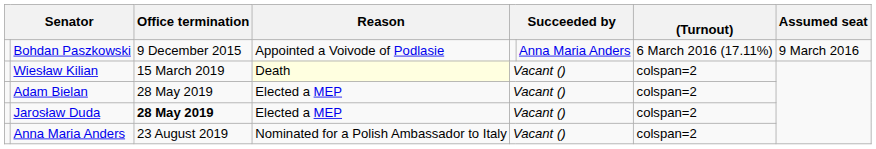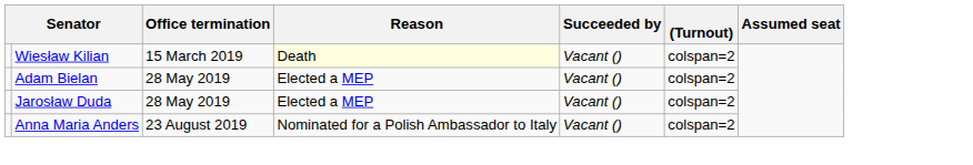 <table class="wikitable">
 <tr>
 <th colspan="2">Senator</th>
 <th>Office termination</th>
 <th>Reason</th>
 <th colspan="2">Succeeded by</th>
 <th><br>(Turnout)</th>
 <th>Assumed seat</th>
-</tr>
-<tr>
-<td></td>
-<td><a href='#'>Bohdan Paszkowski</a></td>
-<td>9 December 2015</td>
-<td>Appointed a Voivode of <a href='#'>Podlasie</a></td>
-<td></td>
-<td><a href='#'>Anna Maria Anders</a></td>
-<td>6 March 2016 (17.11%)</td>
-<td>9 March 2016</td>
 </tr>
 <tr>
 <td></td>
 <td><a href='#'>Wiesław Kilian</a></td>
 <td>15 March 2019</td>
 <td style="background: lightyellow;">Death</td>
 <td colspan="2"><em>Vacant ()</em></td>
 <td>colspan=2 </td>
 </tr>
 <tr>
 <td></td>
 <td><a href='#'>Adam Bielan</a></td>
 <td>28 May 2019</td>
 <td>Elected a <a href='#'>MEP</a></td>
 <td colspan="2"><em>Vacant ()</em></td>
 <td>colspan=2 </td>
 </tr>
 <tr>
 <td></td>
 <td><a href='#'>Jarosław Duda</a></td>
-<td><strong>28 May 2019</strong></td>
+<td>28 May 2019</td>
 <td>Elected a <a href='#'>MEP</a></td>
 <td colspan="2"><em>Vacant ()</em></td>
 <td>colspan=2 </td>
 </tr>
 <tr>
 <td></td>
 <td><a href='#'>Anna Maria Anders</a></td>
 <td>23 August 2019</td>
 <td>Nominated for a Polish Ambassador to Italy</td>
 <td colspan="2"><em>Vacant ()</em></td>
 <td>colspan=2 </td>
 </tr>
 </table>
